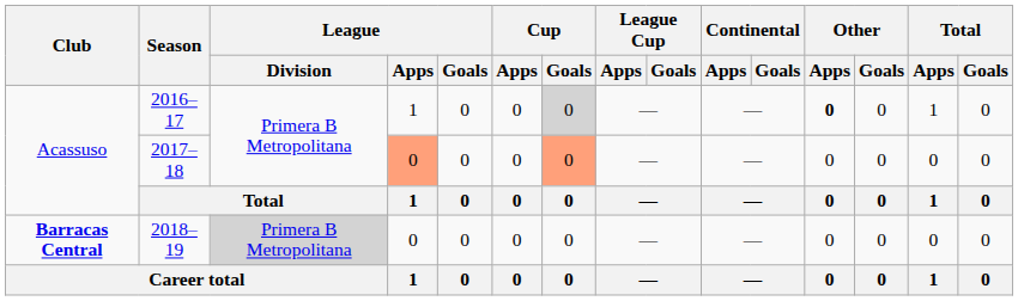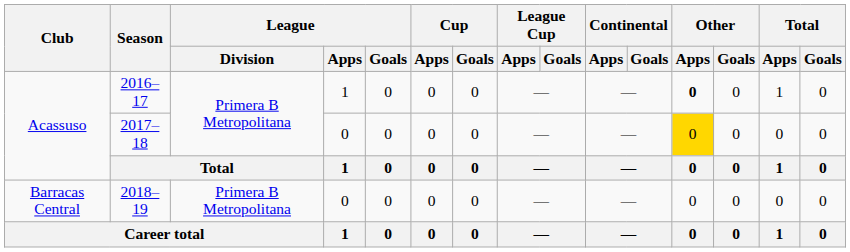 <table class="wikitable" style="text-align:center">
 <tr>
 <th rowspan="2">Club</th>
 <th rowspan="2">Season</th>
 <th colspan="3">League</th>
 <th colspan="2">Cup</th>
 <th colspan="2">League Cup</th>
 <th colspan="2">Continental</th>
 <th colspan="2">Other</th>
 <th colspan="2">Total</th>
 </tr>
 <tr>
 <th>Division</th>
 <th>Apps</th>
 <th>Goals</th>
 <th>Apps</th>
 <th>Goals</th>
 <th>Apps</th>
 <th>Goals</th>
 <th>Apps</th>
 <th>Goals</th>
 <th>Apps</th>
 <th>Goals</th>
 <th>Apps</th>
 <th>Goals</th>
 </tr>
 <tr>
 <td rowspan="3"><a href='#'>Acassuso</a></td>
 <td><a href='#'>2016–17</a></td>
 <td rowspan="2"><a href='#'>Primera B Metropolitana</a></td>
 <td>1</td>
 <td>0</td>
 <td>0</td>
-<td style="background: lightgrey;">0</td>
+<td>0</td>
 <td colspan="2">—</td>
 <td colspan="2">—</td>
 <td><strong>0</strong></td>
 <td>0</td>
 <td>1</td>
 <td>0</td>
 </tr>
 <tr>
 <td><a href='#'>2017–18</a></td>
-<td style="background: lightsalmon;">0</td>
 <td>0</td>
 <td>0</td>
-<td style="background: lightsalmon;">0</td>
+<td>0</td>
+<td>0</td>
 <td colspan="2">—</td>
 <td colspan="2">—</td>
-<td>0</td>
+<td style="background: gold;">0</td>
 <td>0</td>
 <td>0</td>
 <td>0</td>
 </tr>
 <tr>
 <th colspan="2">Total</th>
 <th>1</th>
 <th>0</th>
 <th>0</th>
 <th>0</th>
 <th colspan="2">—</th>
 <th colspan="2">—</th>
 <th>0</th>
 <th>0</th>
 <th>1</th>
 <th>0</th>
 </tr>
 <tr>
-<td rowspan="1"><strong><a href='#'>Barracas Central</a></strong></td>
+<td rowspan="1"><a href='#'>Barracas Central</a></td>
 <td><a href='#'>2018–19</a></td>
-<td rowspan="1" style="background: lightgrey;"><a href='#'>Primera B Metropolitana</a></td>
+<td rowspan="1"><a href='#'>Primera B Metropolitana</a></td>
 <td>0</td>
 <td>0</td>
 <td>0</td>
 <td>0</td>
 <td colspan="2">—</td>
 <td colspan="2">—</td>
 <td>0</td>
 <td>0</td>
 <td>0</td>
 <td>0</td>
 </tr>
 <tr>
 <th colspan="3">Career total</th>
 <th>1</th>
 <th>0</th>
 <th>0</th>
 <th>0</th>
 <th colspan="2">—</th>
 <th colspan="2">—</th>
 <th>0</th>
 <th>0</th>
 <th>1</th>
 <th>0</th>
 </tr>
 </table>
